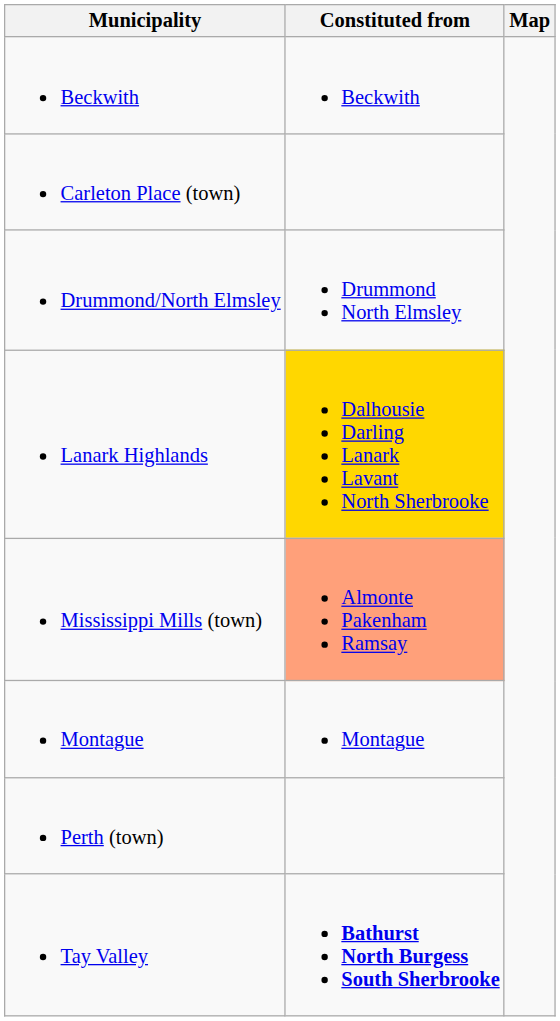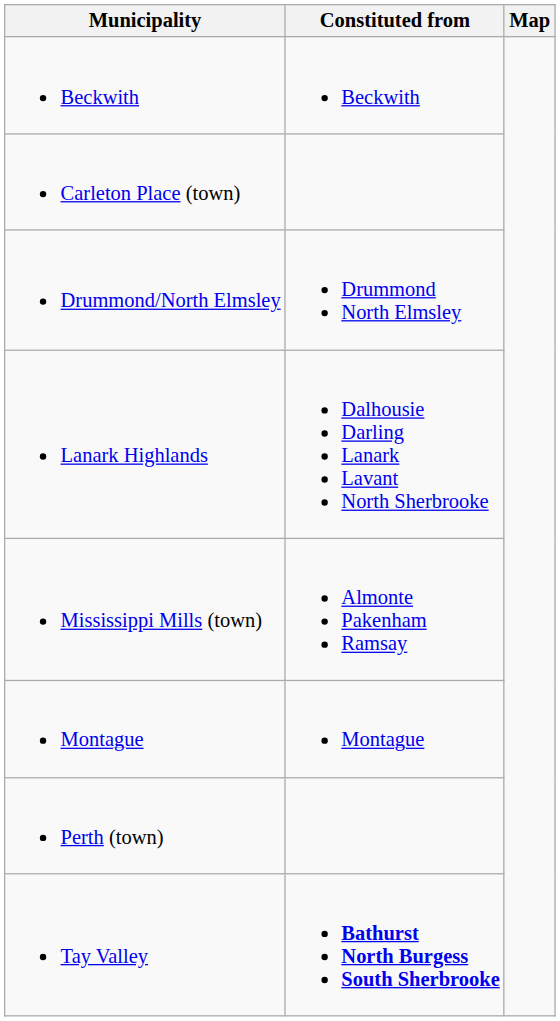 <table class = "wikitable">
 <tr>
 <th>Municipality</th>
 <th>Constituted from</th>
 <th>Map</th>
 </tr>
 <tr>
 <td><br><ul><li><a href='#'>Beckwith</a></li></ul></td>
 <td><br><ul><li><a href='#'>Beckwith</a></li></ul></td>
 <td rowspan="8"></td>
 </tr>
 <tr>
 <td><br><ul><li><a href='#'>Carleton Place</a> (town)</li></ul></td>
 <td></td>
 </tr>
 <tr>
 <td><br><ul><li><a href='#'>Drummond/North Elmsley</a></li></ul></td>
 <td><br><ul><li><a href='#'>Drummond</a></li><li><a href='#'>North Elmsley</a></li></ul></td>
 </tr>
 <tr>
 <td><br><ul><li><a href='#'>Lanark Highlands</a></li></ul></td>
-<td style="background: gold;"><br><ul><li><a href='#'>Dalhousie</a></li><li><a href='#'>Darling</a></li><li><a href='#'>Lanark</a></li><li><a href='#'>Lavant</a></li><li><a href='#'>North Sherbrooke</a></li></ul></td>
+<td><br><ul><li><a href='#'>Dalhousie</a></li><li><a href='#'>Darling</a></li><li><a href='#'>Lanark</a></li><li><a href='#'>Lavant</a></li><li><a href='#'>North Sherbrooke</a></li></ul></td>
 </tr>
 <tr>
 <td><br><ul><li><a href='#'>Mississippi Mills</a> (town)</li></ul></td>
-<td style="background: lightsalmon;"><br><ul><li><a href='#'>Almonte</a></li><li><a href='#'>Pakenham</a></li><li><a href='#'>Ramsay</a></li></ul></td>
+<td><br><ul><li><a href='#'>Almonte</a></li><li><a href='#'>Pakenham</a></li><li><a href='#'>Ramsay</a></li></ul></td>
 </tr>
 <tr>
 <td><br><ul><li><a href='#'>Montague</a></li></ul></td>
 <td><br><ul><li><a href='#'>Montague</a></li></ul></td>
 </tr>
 <tr>
 <td><br><ul><li><a href='#'>Perth</a> (town)</li></ul></td>
 <td></td>
 </tr>
 <tr>
 <td><br><ul><li><a href='#'>Tay Valley</a></li></ul></td>
 <td><strong><br><ul><li><a href='#'>Bathurst</a></li><li><a href='#'>North Burgess</a></li><li><a href='#'>South Sherbrooke</a></li></ul></strong></td>
 </tr>
 </table>
